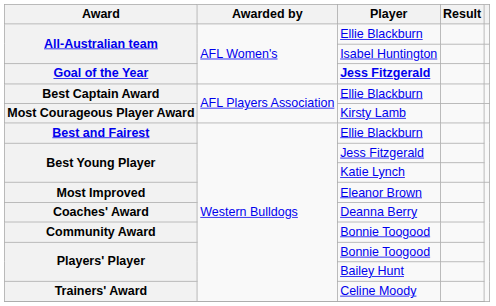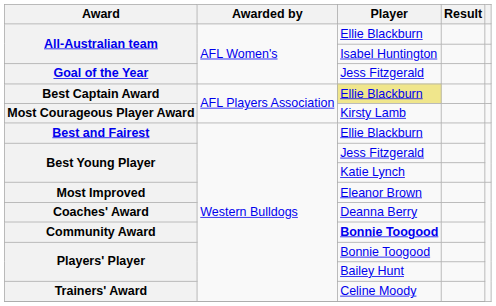 <table class="wikitable plainrowheaders sortable">
 <tr>
 <th scope="col">Award</th>
 <th scope="col">Awarded by</th>
 <th scope="col">Player</th>
 <th scope="col">Result</th>
 <th class="unsortable"></th>
 </tr>
 <tr>
 <th scope="row"rowspan =2><a href='#'>All-Australian team</a></th>
 <td rowspan =3><a href='#'>AFL Women's</a></td>
 <td><a href='#'>Ellie Blackburn</a></td>
 <td></td>
 <td></td>
 </tr>
 <tr>
 <td><a href='#'>Isabel Huntington</a></td>
 <td></td>
 <td></td>
 </tr>
 <tr>
 <th scope="row"><a href='#'>Goal of the Year</a></th>
-<td><strong><a href='#'>Jess Fitzgerald</a></strong></td>
+<td><a href='#'>Jess Fitzgerald</a></td>
 <td></td>
 <td></td>
 </tr>
 <tr>
 <th scope="row">Best Captain Award</th>
 <td rowspan =2><a href='#'>AFL Players Association</a></td>
-<td><a href='#'>Ellie Blackburn</a></td>
+<td style="background: khaki;"><a href='#'>Ellie Blackburn</a></td>
 <td></td>
 <td></td>
 </tr>
 <tr>
 <th scope="row">Most Courageous Player Award</th>
 <td><a href='#'>Kirsty Lamb</a></td>
 <td></td>
 <td></td>
 </tr>
 <tr>
 <th scope="row"><a href='#'>Best and Fairest</a></th>
 <td rowspan=9><a href='#'>Western Bulldogs</a></td>
 <td><a href='#'>Ellie Blackburn</a></td>
 <td></td>
 <td rowspan=3></td>
 </tr>
 <tr>
 <th scope="row"rowspan=2>Best Young Player</th>
 <td><a href='#'>Jess Fitzgerald</a></td>
 <td></td>
 </tr>
 <tr>
 <td><a href='#'>Katie Lynch</a></td>
 <td></td>
 </tr>
 <tr>
 <th scope="row">Most Improved</th>
 <td><a href='#'>Eleanor Brown</a></td>
 <td></td>
 </tr>
 <tr>
 <th scope="row">Coaches' Award</th>
 <td><a href='#'>Deanna Berry</a></td>
 <td></td>
 </tr>
 <tr>
 <th scope="row">Community Award</th>
-<td><a href='#'>Bonnie Toogood</a></td>
+<td><strong><a href='#'>Bonnie Toogood</a></strong></td>
 <td></td>
 </tr>
 <tr>
 <th scope="row"rowspan=2>Players' Player</th>
 <td><a href='#'>Bonnie Toogood</a></td>
 <td></td>
 </tr>
 <tr>
 <td><a href='#'>Bailey Hunt</a></td>
 <td></td>
 </tr>
 <tr>
 <th scope="row">Trainers' Award</th>
 <td><a href='#'>Celine Moody</a></td>
 <td></td>
 </tr>
 <tr>
 </tr>
 </table>
